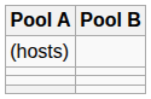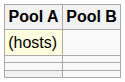 <table class="wikitable">
 <tr>
 <th width=50%>Pool A</th>
 <th width=50%>Pool B</th>
 </tr>
 <tr>
-<td> (hosts)</td>
+<td style="background: lightyellow;"> (hosts)</td>
 <td></td>
 </tr>
 <tr>
 <td></td>
 <td></td>
 </tr>
 <tr>
 <td></td>
 <td></td>
 </tr>
 <tr>
 <th></th>
 <td></td>
 </tr>
 </table>
